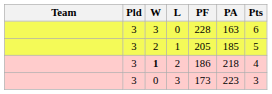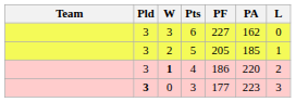 <table class="wikitable" style="text-align:center;">
 <tr>
 <th width=170>Team</th>
 <th width=25>Pld</th>
 <th width=25>W</th>
-<th width=25>L</th>
+<th width=25>Pts</th>
 <th width=35>PF</th>
 <th width=35>PA</th>
-<th width=25>Pts</th>
+<th width=25>L</th>
 </tr>
 <tr bgcolor=#F4FA58>
 <td align="left"></td>
 <td>3</td>
 <td>3</td>
+<td>6</td>
+<td>227</td>
+<td>162</td>
 <td>0</td>
-<td>228</td>
-<td>163</td>
-<td>6</td>
 </tr>
 <tr bgcolor=#F4FA58>
 <td align="left"></td>
 <td>3</td>
 <td>2</td>
-<td>1</td>
+<td>5</td>
 <td>205</td>
 <td>185</td>
-<td>5</td>
+<td>1</td>
 </tr>
 <tr bgcolor=#ffcccc>
 <td align="left"></td>
 <td>3</td>
 <td><strong>1</strong></td>
+<td>4</td>
+<td>186</td>
+<td>220</td>
 <td>2</td>
-<td>186</td>
-<td>218</td>
-<td>4</td>
 </tr>
 <tr bgcolor=#ffcccc>
 <td align="left"></td>
-<td>3</td>
+<td><strong>3</strong></td>
 <td>0</td>
 <td>3</td>
-<td>173</td>
+<td>177</td>
 <td>223</td>
 <td>3</td>
 </tr>
 </table>
